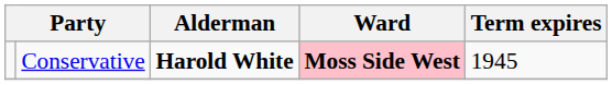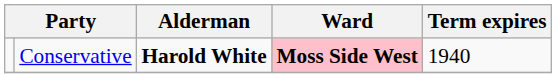 <table class="wikitable">
 <tr>
 <th colspan="2">Party</th>
 <th>Alderman</th>
 <th>Ward</th>
 <th>Term expires</th>
 </tr>
 <tr>
 <td style="background-color:"></td>
 <td><a href='#'>Conservative</a></td>
 <td><strong>Harold White</strong></td>
 <td style="background: pink;"><strong>Moss Side West</strong></td>
-<td>1945</td>
+<td>1940</td>
 </tr>
 <tr>
 </tr>
 </table>
